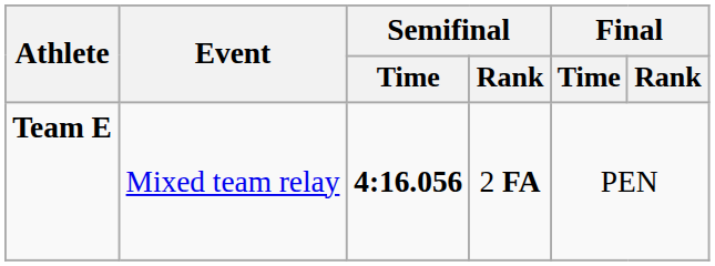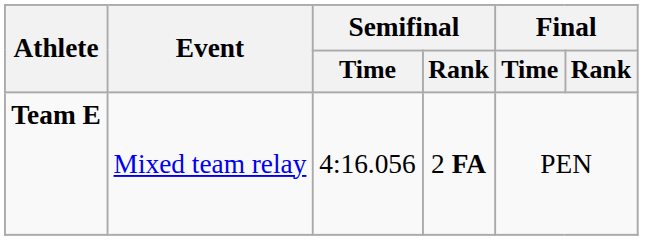 <table class="wikitable" style="font-size:90%">
 <tr>
 <th rowspan=2>Athlete</th>
 <th rowspan=2>Event</th>
 <th colspan=2>Semifinal</th>
 <th colspan=2>Final</th>
 </tr>
 <tr style="font-size:95%">
 <th>Time</th>
 <th>Rank</th>
 <th>Time</th>
 <th>Rank</th>
 </tr>
 <tr align=center>
 <td align=left><strong>Team E</strong><br><br><br><br></td>
 <td align=left><a href='#'>Mixed team relay</a></td>
-<td><strong>4:16.056</strong></td>
+<td>4:16.056</td>
 <td>2 <strong>FA</strong></td>
 <td colspan=2>PEN</td>
 </tr>
 </table>
